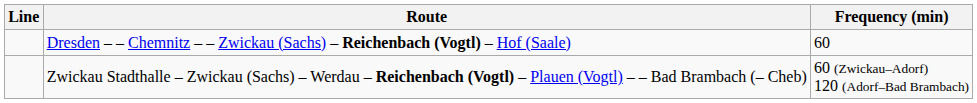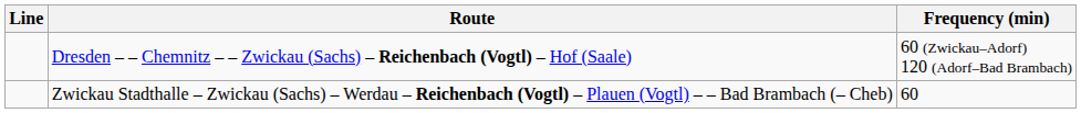 <table class="wikitable">
 <tr>
 <th>Line</th>
 <th>Route</th>
 <th>Frequency (min)</th>
 </tr>
 <tr>
 <td align="center"></td>
 <td><a href='#'>Dresden</a> –  – <a href='#'>Chemnitz</a> –  – <a href='#'>Zwickau (Sachs)</a> – <strong>Reichenbach (Vogtl)</strong> – <a href='#'>Hof (Saale)</a></td>
-<td>60</td>
+<td>60 <small>(Zwickau–Adorf)</small><br>120 <small>(Adorf–Bad Brambach)</small></td>
 </tr>
 <tr>
 <td align="center"></td>
 <td>Zwickau Stadthalle – Zwickau (Sachs) – Werdau – <strong>Reichenbach (Vogtl)</strong> – <a href='#'>Plauen (Vogtl)</a> –  – Bad Brambach (– Cheb)</td>
-<td>60 <small>(Zwickau–Adorf)</small><br>120 <small>(Adorf–Bad Brambach)</small></td>
+<td>60</td>
 </tr>
 </table>
